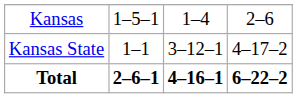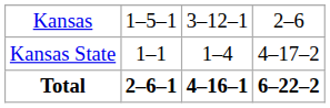 <table class="wikitable" style="text-align:center; background:white;">
 <tr>
 </tr>
 <tr>
 <td><a href='#'>Kansas</a></td>
 <td>1–5–1</td>
-<td>1–4</td>
+<td>3–12–1</td>
 <td>2–6</td>
 </tr>
 <tr>
 <td><a href='#'>Kansas State</a></td>
 <td>1–1</td>
-<td>3–12–1</td>
+<td>1–4</td>
 <td>4–17–2</td>
 </tr>
 <tr>
 <td><strong>Total</strong></td>
 <td><strong>2–6–1</strong></td>
 <td><strong>4–16–1</strong></td>
 <td><strong>6–22–2</strong></td>
 </tr>
 </table>
